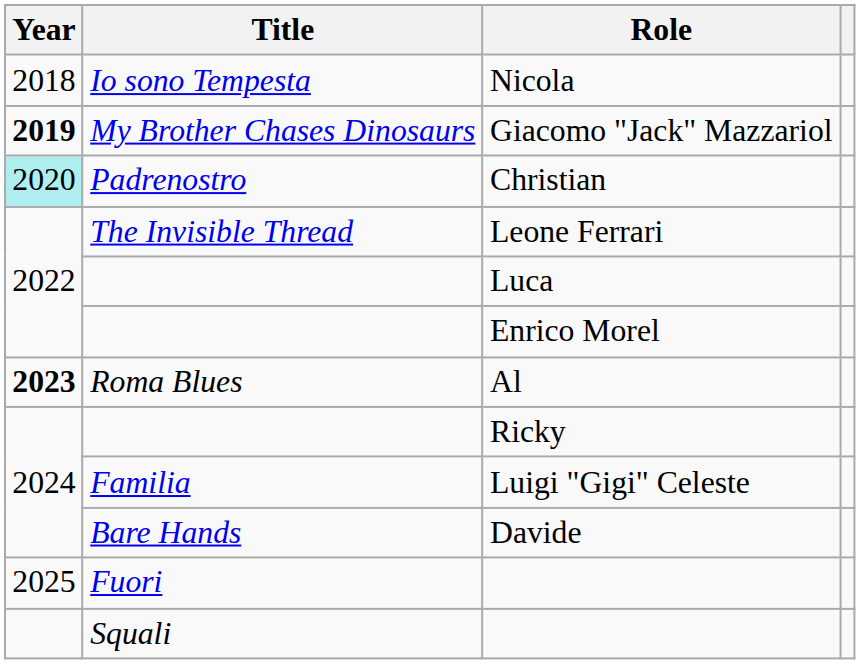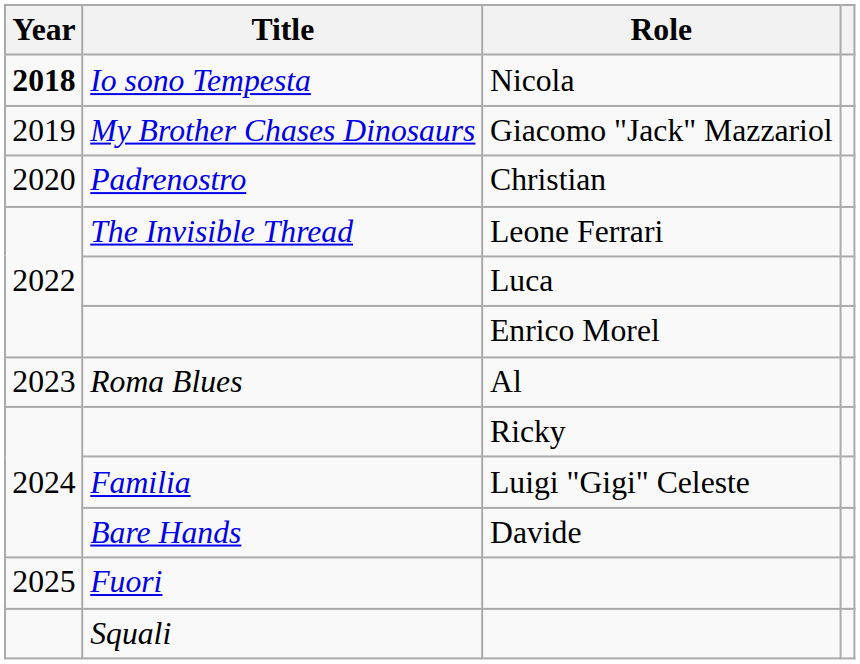 <table class="wikitable sortable">
 <tr>
 <th>Year</th>
 <th>Title</th>
 <th>Role</th>
 <th class="unsortable"></th>
 </tr>
 <tr>
-<td>2018</td>
+<td><strong>2018</strong></td>
 <td><em><a href='#'>Io sono Tempesta</a></em></td>
 <td>Nicola</td>
 <td></td>
 </tr>
 <tr>
-<td><strong>2019</strong></td>
+<td>2019</td>
 <td><em><a href='#'>My Brother Chases Dinosaurs</a></em></td>
 <td>Giacomo "Jack" Mazzariol</td>
 <td></td>
 </tr>
 <tr>
-<td style="background: paleturquoise;">2020</td>
+<td>2020</td>
 <td><em><a href='#'>Padrenostro</a></em></td>
 <td>Christian</td>
 <td></td>
 </tr>
 <tr>
 <td rowspan="3">2022</td>
 <td><em><a href='#'>The Invisible Thread</a></em></td>
 <td>Leone Ferrari</td>
 <td></td>
 </tr>
 <tr>
 <td><em></em></td>
 <td>Luca</td>
 <td></td>
 </tr>
 <tr>
 <td><em></em></td>
 <td>Enrico Morel</td>
 <td></td>
 </tr>
 <tr>
-<td><strong>2023</strong></td>
+<td>2023</td>
 <td><em>Roma Blues</em></td>
 <td>Al</td>
 <td></td>
 </tr>
 <tr>
 <td rowspan="3">2024</td>
 <td><em></em></td>
 <td>Ricky</td>
 <td></td>
 </tr>
 <tr>
 <td><em><a href='#'>Familia</a></em></td>
 <td>Luigi "Gigi" Celeste</td>
 <td></td>
 </tr>
 <tr>
 <td><em><a href='#'>Bare Hands</a></em></td>
 <td>Davide</td>
 <td></td>
 </tr>
 <tr>
 <td>2025</td>
 <td><em><a href='#'>Fuori</a></em></td>
 <td></td>
 <td></td>
 </tr>
 <tr>
 <td></td>
 <td><em>Squali</em></td>
 <td></td>
 <td></td>
 </tr>
 </table>
